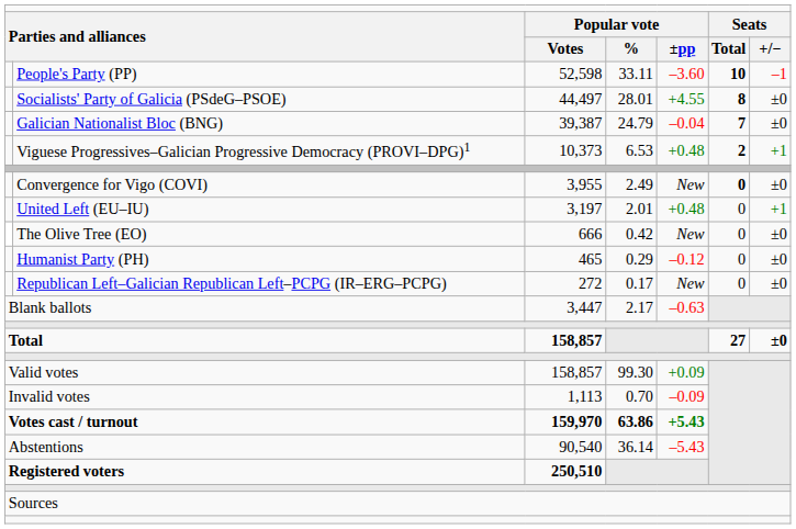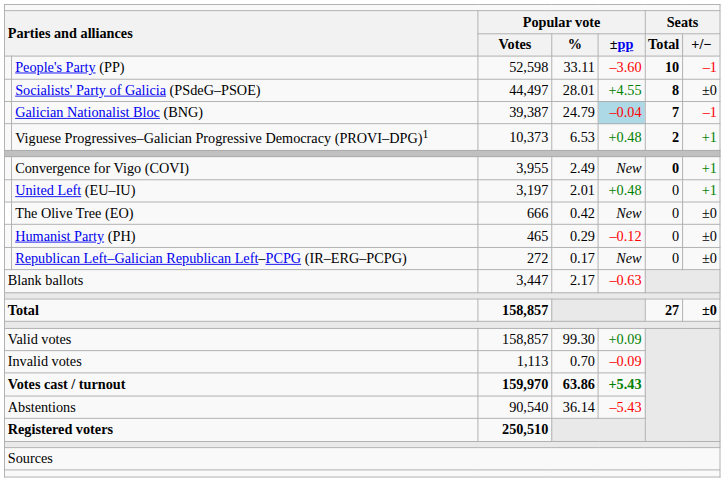 <table class="wikitable" style="text-align:right;">
 <tr>
 <td colspan="7"></td>
 </tr>
 <tr>
 <th style="text-align:left;" rowspan="2" colspan="2" width="525">Parties and alliances</th>
 <th colspan="3">Popular vote</th>
 <th colspan="2">Seats</th>
 </tr>
 <tr>
 <th width="75">Votes</th>
 <th width="45">%</th>
 <th width="45">±<a href='#'>pp</a></th>
 <th width="35">Total</th>
 <th width="35">+/−</th>
 </tr>
 <tr>
 <td width="1" style="color:inherit;background:"></td>
 <td align="left"><a href='#'>People's Party</a> (PP)</td>
 <td>52,598</td>
 <td>33.11</td>
 <td style="color:red;">–3.60</td>
 <td><strong>10</strong></td>
 <td style="color:red;">–1</td>
 </tr>
 <tr>
 <td style="color:inherit;background:"></td>
 <td align="left"><a href='#'>Socialists' Party of Galicia</a> (PSdeG–PSOE)</td>
 <td>44,497</td>
 <td>28.01</td>
 <td style="color:green;">+4.55</td>
 <td><strong>8</strong></td>
 <td>±0</td>
 </tr>
 <tr>
 <td style="color:inherit;background:"></td>
 <td align="left"><a href='#'>Galician Nationalist Bloc</a> (BNG)</td>
 <td>39,387</td>
 <td>24.79</td>
-<td style="color:red;">–0.04</td>
+<td style="background: lightblue; color:red;">–0.04</td>
 <td><strong>7</strong></td>
-<td>±0</td>
+<td style="color:red;">–1</td>
 </tr>
 <tr>
 <td style="color:inherit;background:"></td>
 <td align="left">Viguese Progressives–Galician Progressive Democracy (PROVI–DPG)<sup>1</sup></td>
 <td>10,373</td>
 <td>6.53</td>
 <td style="color:green;">+0.48</td>
 <td><strong>2</strong></td>
 <td style="color:green;">+1</td>
 </tr>
 <tr>
 <td colspan="7" bgcolor="#C0C0C0"></td>
 </tr>
 <tr>
 <td style="color:inherit;background:"></td>
 <td align="left">Convergence for Vigo (COVI)</td>
 <td>3,955</td>
 <td>2.49</td>
 <td><em>New</em></td>
 <td><strong>0</strong></td>
-<td>±0</td>
+<td style="color:green;">+1</td>
 </tr>
 <tr>
 <td style="color:inherit;background:"></td>
 <td align="left"><a href='#'>United Left</a> (EU–IU)</td>
 <td>3,197</td>
 <td>2.01</td>
 <td style="color:green;">+0.48</td>
 <td>0</td>
 <td style="color:green;">+1</td>
 </tr>
 <tr>
 <td bgcolor="white"></td>
 <td align="left">The Olive Tree (EO)</td>
 <td>666</td>
 <td>0.42</td>
 <td><em>New</em></td>
 <td>0</td>
 <td>±0</td>
 </tr>
 <tr>
 <td style="color:inherit;background:"></td>
 <td align="left"><a href='#'>Humanist Party</a> (PH)</td>
 <td>465</td>
 <td>0.29</td>
 <td style="color:red;">–0.12</td>
 <td>0</td>
 <td>±0</td>
 </tr>
 <tr>
 <td style="color:inherit;background:"></td>
 <td align="left"><a href='#'>Republican Left–Galician Republican Left</a>–<a href='#'>PCPG</a> (IR–ERG–PCPG)</td>
 <td>272</td>
 <td>0.17</td>
 <td><em>New</em></td>
 <td>0</td>
 <td>±0</td>
 </tr>
 <tr>
 <td align="left" colspan="2">Blank ballots</td>
 <td>3,447</td>
 <td>2.17</td>
 <td style="color:red;">–0.63</td>
 <td bgcolor="#E9E9E9" colspan="2"></td>
 </tr>
 <tr>
 <td colspan="7" bgcolor="#E9E9E9"></td>
 </tr>
 <tr style="font-weight:bold;">
 <td align="left" colspan="2">Total</td>
 <td>158,857</td>
 <td bgcolor="#E9E9E9" colspan="2"></td>
 <td>27</td>
 <td>±0</td>
 </tr>
 <tr>
 <td colspan="7" bgcolor="#E9E9E9"></td>
 </tr>
 <tr>
 <td align="left" colspan="2">Valid votes</td>
 <td>158,857</td>
 <td>99.30</td>
 <td style="color:green;">+0.09</td>
 <td bgcolor="#E9E9E9" colspan="2" rowspan="5"></td>
 </tr>
 <tr>
 <td align="left" colspan="2">Invalid votes</td>
 <td>1,113</td>
 <td>0.70</td>
 <td style="color:red;">–0.09</td>
 </tr>
 <tr style="font-weight:bold;">
 <td align="left" colspan="2">Votes cast / turnout</td>
 <td>159,970</td>
 <td>63.86</td>
 <td style="color:green;">+5.43</td>
 </tr>
 <tr>
 <td align="left" colspan="2">Abstentions</td>
 <td>90,540</td>
 <td>36.14</td>
 <td style="color:red;">–5.43</td>
 </tr>
 <tr style="font-weight:bold;">
 <td align="left" colspan="2">Registered voters</td>
 <td>250,510</td>
 <td bgcolor="#E9E9E9" colspan="2"></td>
 </tr>
 <tr>
 <td colspan="7" bgcolor="#E9E9E9"></td>
 </tr>
 <tr>
 <td align="left" colspan="7">Sources</td>
 </tr>
 <tr>
 <td colspan="7" style="text-align:left; max-width:790px;"></td>
 </tr>
 </table>
